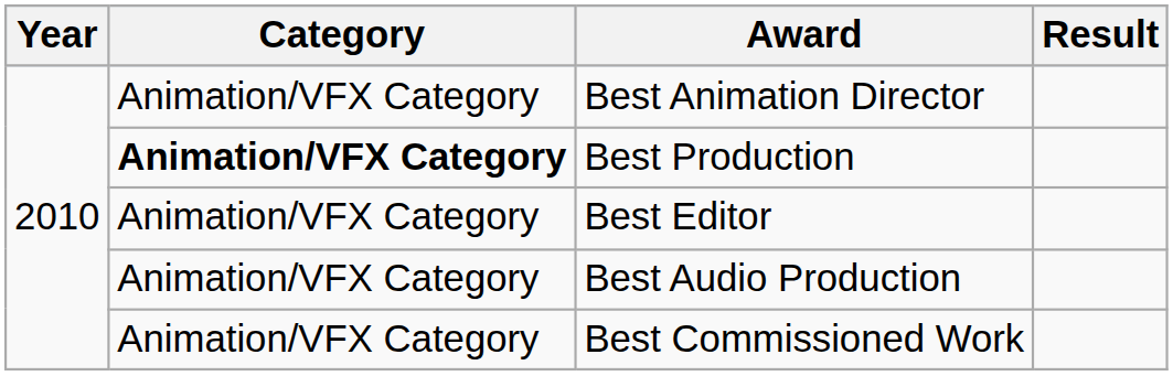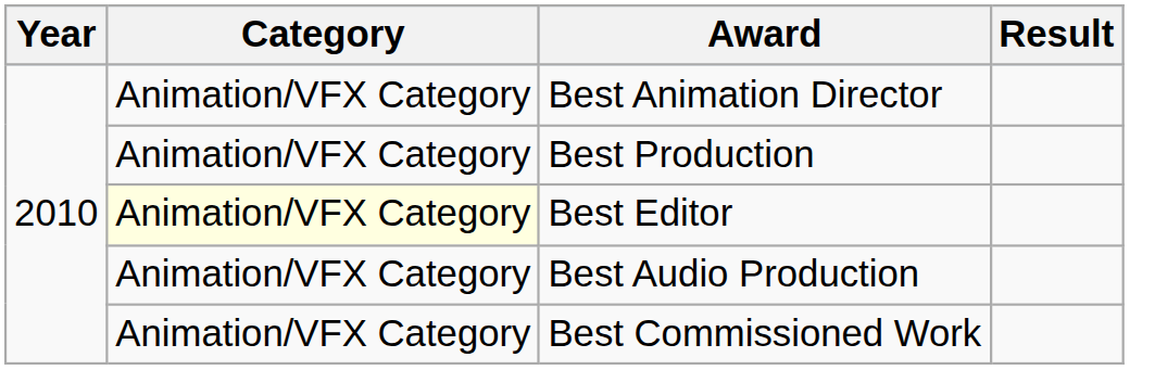 <table class="wikitable" style="margin:1em 0;">
 <tr style="background:#b0c4de;">
 <th>Year</th>
 <th>Category</th>
 <th>Award</th>
 <th>Result</th>
 </tr>
 <tr>
 <td rowspan=5>2010</td>
 <td>Animation/VFX Category</td>
 <td>Best Animation Director</td>
 <td></td>
 </tr>
 <tr>
-<td><strong>Animation/VFX Category</strong></td>
+<td>Animation/VFX Category</td>
 <td>Best Production</td>
 <td></td>
 </tr>
 <tr>
-<td>Animation/VFX Category</td>
+<td style="background: lightyellow;">Animation/VFX Category</td>
 <td>Best Editor</td>
 <td></td>
 </tr>
 <tr>
 <td>Animation/VFX Category</td>
 <td>Best Audio Production</td>
 <td></td>
 </tr>
 <tr>
 <td>Animation/VFX Category</td>
 <td>Best Commissioned Work</td>
 <td></td>
 </tr>
 </table>
